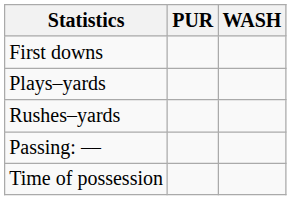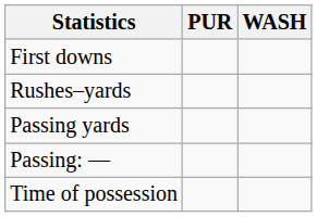 <table class="wikitable" style="float:left">
 <tr>
 <th>Statistics</th>
 <th>PUR</th>
 <th>WASH</th>
 </tr>
 <tr>
 <td>First downs</td>
 <td></td>
 <td></td>
 </tr>
 <tr>
-<td>Plays–yards</td>
+<td>Rushes–yards</td>
 <td></td>
 <td></td>
 </tr>
 <tr>
-<td>Rushes–yards</td>
+<td>Passing yards</td>
 <td></td>
 <td></td>
 </tr>
 <tr>
 <td>Passing: ––</td>
 <td></td>
 <td></td>
 </tr>
 <tr>
 <td>Time of possession</td>
 <td></td>
 <td></td>
 </tr>
 </table>
